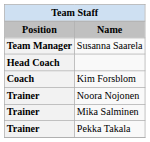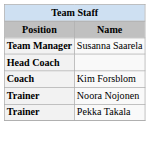 <table class="wikitable" style="text-align:left; font-size:90%;">
 <tr>
 <th style=background:#CEE0F2 colspan=2><span>Team Staff</span></th>
 </tr>
 <tr>
 <th style="background:silver;">Position</th>
 <th style="background:silver;">Name</th>
 </tr>
 <tr>
 <th style="text-align:left;">Team Manager</th>
 <td>Susanna Saarela</td>
 </tr>
 <tr>
 <th style="text-align:left;">Head Coach</th>
 <td>⁣⁣</td>
 </tr>
 <tr>
 <th style="text-align:left;">Coach</th>
 <td>Kim Forsblom</td>
 </tr>
 <tr>
 <th style="text-align:left;">Trainer</th>
 <td>Noora Nojonen</td>
 </tr>
 <tr>
 <th style="text-align:left;">Trainer</th>
-<td>Mika Salminen</td>
-</tr>
-<tr>
-<th style="text-align:left;">Trainer</th>
 <td>Pekka Takala</td>
 </tr>
 <tr>
 </tr>
 </table>
